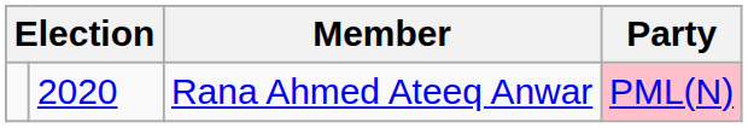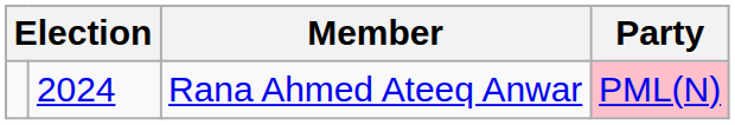 <table class="wikitable">
 <tr>
 <th colspan="2">Election</th>
 <th>Member</th>
 <th>Party</th>
 </tr>
 <tr>
 <td style="background-color: "></td>
-<td><a href='#'>2020</a></td>
+<td><a href='#'>2024</a></td>
 <td><a href='#'>Rana Ahmed Ateeq Anwar</a></td>
 <td style="background: pink;"><a href='#'>PML(N)</a></td>
 </tr>
 </table>
